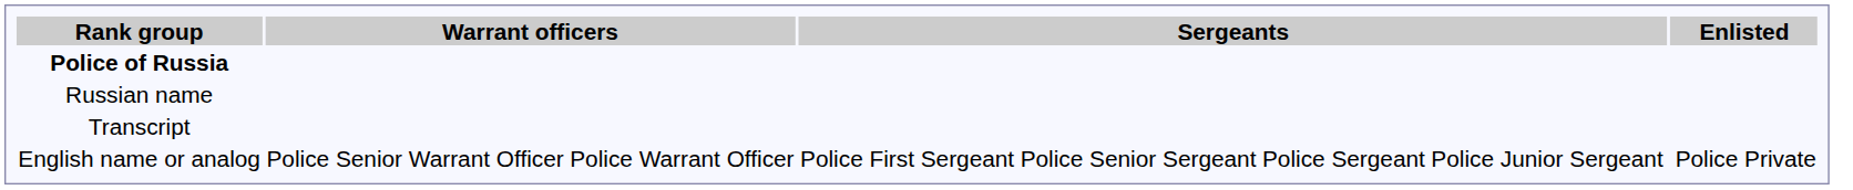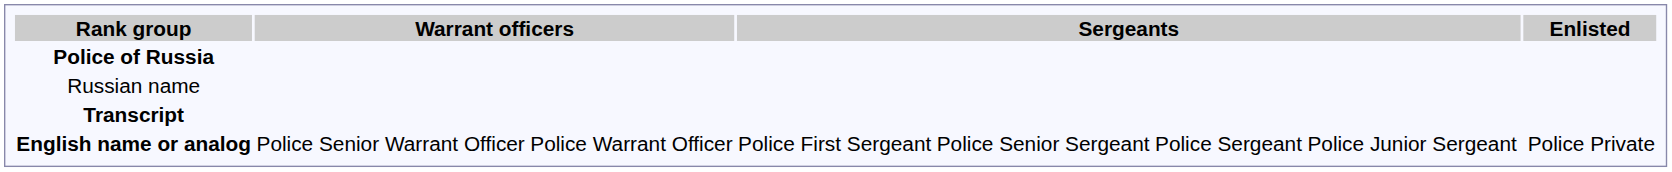 <table style="border:1px solid #8888aa; background-color:#f7f8ff; padding:5px; font-size:95%; margin: 0px 12px 12px 0px; text-align:center;">
 <tr bgcolor="#CCCCCC">
 <th>Rank group</th>
 <th colspan=6>Warrant officers</th>
 <th colspan=22>Sergeants</th>
 <th colspan=8>Enlisted</th>
 </tr>
 <tr>
 <td> <strong>Police of Russia</strong></td>
 <td colspan=3></td>
 <td colspan=3></td>
 <td colspan=2></td>
 <td colspan=2></td>
 <td colspan=6></td>
 <td colspan=6></td>
 <td colspan=12 rowspan=4></td>
 <td colspan=2></td>
 </tr>
 <tr style="text-align:center;">
 <td>Russian name</td>
 <td colspan=3></td>
 <td colspan=3></td>
 <td colspan=2></td>
 <td colspan=2></td>
 <td colspan=6></td>
 <td colspan=6></td>
 <td colspan=2></td>
 </tr>
 <tr style="text-align:center;">
-<td>Transcript</td>
+<td><strong>Transcript</strong></td>
 <td colspan=3></td>
 <td colspan=3></td>
 <td colspan=2></td>
 <td colspan=2></td>
 <td colspan=6></td>
 <td colspan=6></td>
 <td colspan=2></td>
 </tr>
 <tr style="text-align:center;">
-<td>English name or analog</td>
+<td><strong>English name or analog</strong></td>
 <td colspan=3>Police Senior Warrant Officer</td>
 <td colspan=3>Police Warrant Officer</td>
 <td colspan=2>Police First Sergeant</td>
 <td colspan=2>Police Senior Sergeant</td>
 <td colspan=6>Police Sergeant</td>
 <td colspan=6>Police Junior Sergeant</td>
 <td colspan=2>Police Private</td>
 </tr>
 </table>
